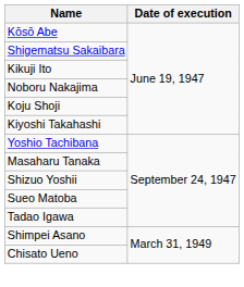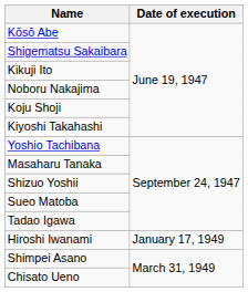 <table class="wikitable">
 <tr --->
 <th>Name</th>
 <th>Date of execution</th>
 </tr>
 <tr --->
 <td><a href='#'>Kōsō Abe</a></td>
 <td rowspan="6">June 19, 1947</td>
 </tr>
 <tr --->
 <td><a href='#'>Shigematsu Sakaibara</a></td>
 </tr>
 <tr --->
 <td>Kikuji Ito</td>
 </tr>
 <tr>
 <td>Noboru Nakajima</td>
 </tr>
 <tr>
 <td>Koju Shoji</td>
 </tr>
 <tr>
 <td>Kiyoshi Takahashi</td>
 </tr>
 <tr>
 <td><a href='#'>Yoshio Tachibana</a></td>
 <td rowspan="5">September 24, 1947</td>
 </tr>
 <tr>
 <td>Masaharu Tanaka</td>
 </tr>
 <tr>
 <td>Shizuo Yoshii</td>
 </tr>
 <tr>
 <td>Sueo Matoba</td>
 </tr>
 <tr>
 <td>Tadao Igawa</td>
 </tr>
 <tr>
+<td>Hiroshi Iwanami</td>
+<td>January 17, 1949</td>
+</tr>
+<tr>
 <td>Shimpei Asano</td>
 <td rowspan="2">March 31, 1949</td>
 </tr>
 <tr>
 <td>Chisato Ueno</td>
 </tr>
 </table>
